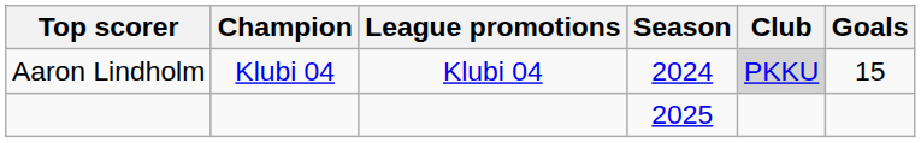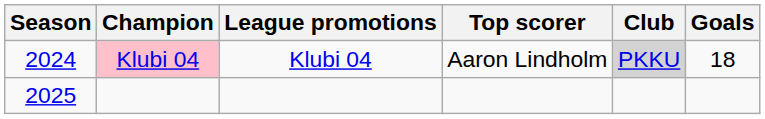 <table class="wikitable" style="margin: 0;">
 <tr>
-<th>Top scorer</th>
+<th>Season</th>
 <th>Champion</th>
 <th>League promotions</th>
-<th>Season</th>
+<th>Top scorer</th>
 <th>Club</th>
 <th>Goals</th>
 </tr>
 <tr>
+<td align=center><a href='#'>2024</a></td>
+<td align=center style="background: pink;"><a href='#'>Klubi 04</a></td>
+<td align=center><a href='#'>Klubi 04</a></td>
 <td align=center>Aaron Lindholm</td>
-<td align=center><a href='#'>Klubi 04</a></td>
-<td align=center><a href='#'>Klubi 04</a></td>
-<td align=center><a href='#'>2024</a></td>
 <td align=center style="background: lightgrey;"><a href='#'>PKKU</a></td>
-<td align=center>15</td>
+<td align=center>18</td>
 </tr>
 <tr>
+<td align=center><a href='#'>2025</a></td>
 <td></td>
 <td></td>
 <td></td>
-<td align=center><a href='#'>2025</a></td>
 <td></td>
 <td></td>
 </tr>
 </table>
